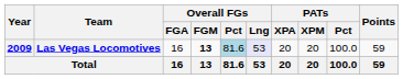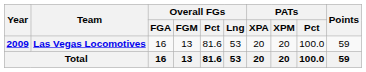 <table class="wikitable" style="text-align:center">
 <tr>
 <th rowspan="2">Year</th>
 <th rowspan="2">Team</th>
 <th colspan="4">Overall FGs</th>
 <th colspan="3">PATs</th>
 <th rowspan="2">Points</th>
 </tr>
 <tr>
 <th>FGA</th>
 <th>FGM</th>
 <th>Pct</th>
 <th>Lng</th>
 <th>XPA</th>
 <th>XPM</th>
 <th>Pct</th>
 </tr>
 <tr>
 <th><a href='#'>2009</a></th>
 <th><a href='#'>Las Vegas Locomotives</a></th>
 <td>16</td>
-<td><strong>13</strong></td>
-<td style="background: lightblue;">81.6</td>
-<td style="background: lavender;">53</td>
+<td>13</td>
+<td>81.6</td>
+<td>53</td>
 <td>20</td>
 <td>20</td>
 <td>100.0</td>
 <td>59</td>
 </tr>
 <tr>
 <th colspan="2">Total</th>
 <th>16</th>
 <th>13</th>
 <th>81.6</th>
 <th>53</th>
 <th>20</th>
 <th>20</th>
 <th>100.0</th>
 <th>59</th>
 </tr>
 </table>
